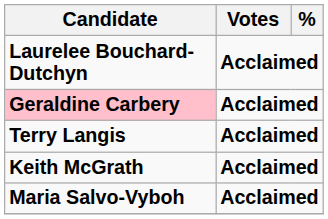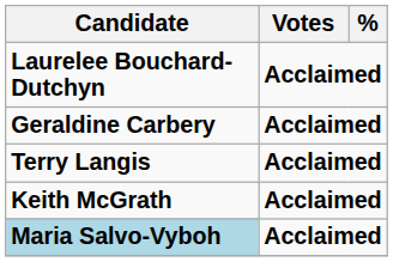 <table class="wikitable" style="width:260px">
 <tr>
 <th>Candidate</th>
 <th>Votes</th>
 <th>%</th>
 </tr>
 <tr>
 <td><strong>Laurelee Bouchard-Dutchyn</strong></td>
 <td colspan=2><strong>Acclaimed</strong></td>
 </tr>
 <tr>
-<td style="background: pink;"><strong>Geraldine Carbery</strong></td>
+<td><strong>Geraldine Carbery</strong></td>
 <td colspan=2><strong>Acclaimed</strong></td>
 </tr>
 <tr>
 <td><strong>Terry Langis</strong></td>
 <td colspan=2><strong>Acclaimed</strong></td>
 </tr>
 <tr>
 <td><strong>Keith McGrath</strong></td>
 <td colspan=2><strong>Acclaimed</strong></td>
 </tr>
 <tr>
-<td><strong>Maria Salvo-Vyboh</strong></td>
+<td style="background: lightblue;"><strong>Maria Salvo-Vyboh</strong></td>
 <td colspan=2><strong>Acclaimed</strong></td>
 </tr>
 <tr>
 </tr>
 </table>
